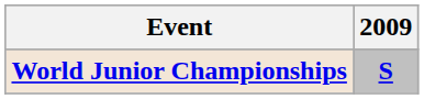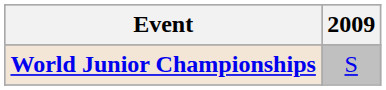 <table class="wikitable" style="font-size: 90%; text-align:center">
 <tr>
 <th>Event</th>
 <th>2009</th>
 </tr>
 <tr>
 <td bgcolor=F3E6D7><strong><a href='#'>World Junior Championships</a></strong></td>
-<td bgcolor=silver><strong><a href='#'>S</a></strong></td>
+<td bgcolor=silver><a href='#'>S</a></td>
 </tr>
 </table>
